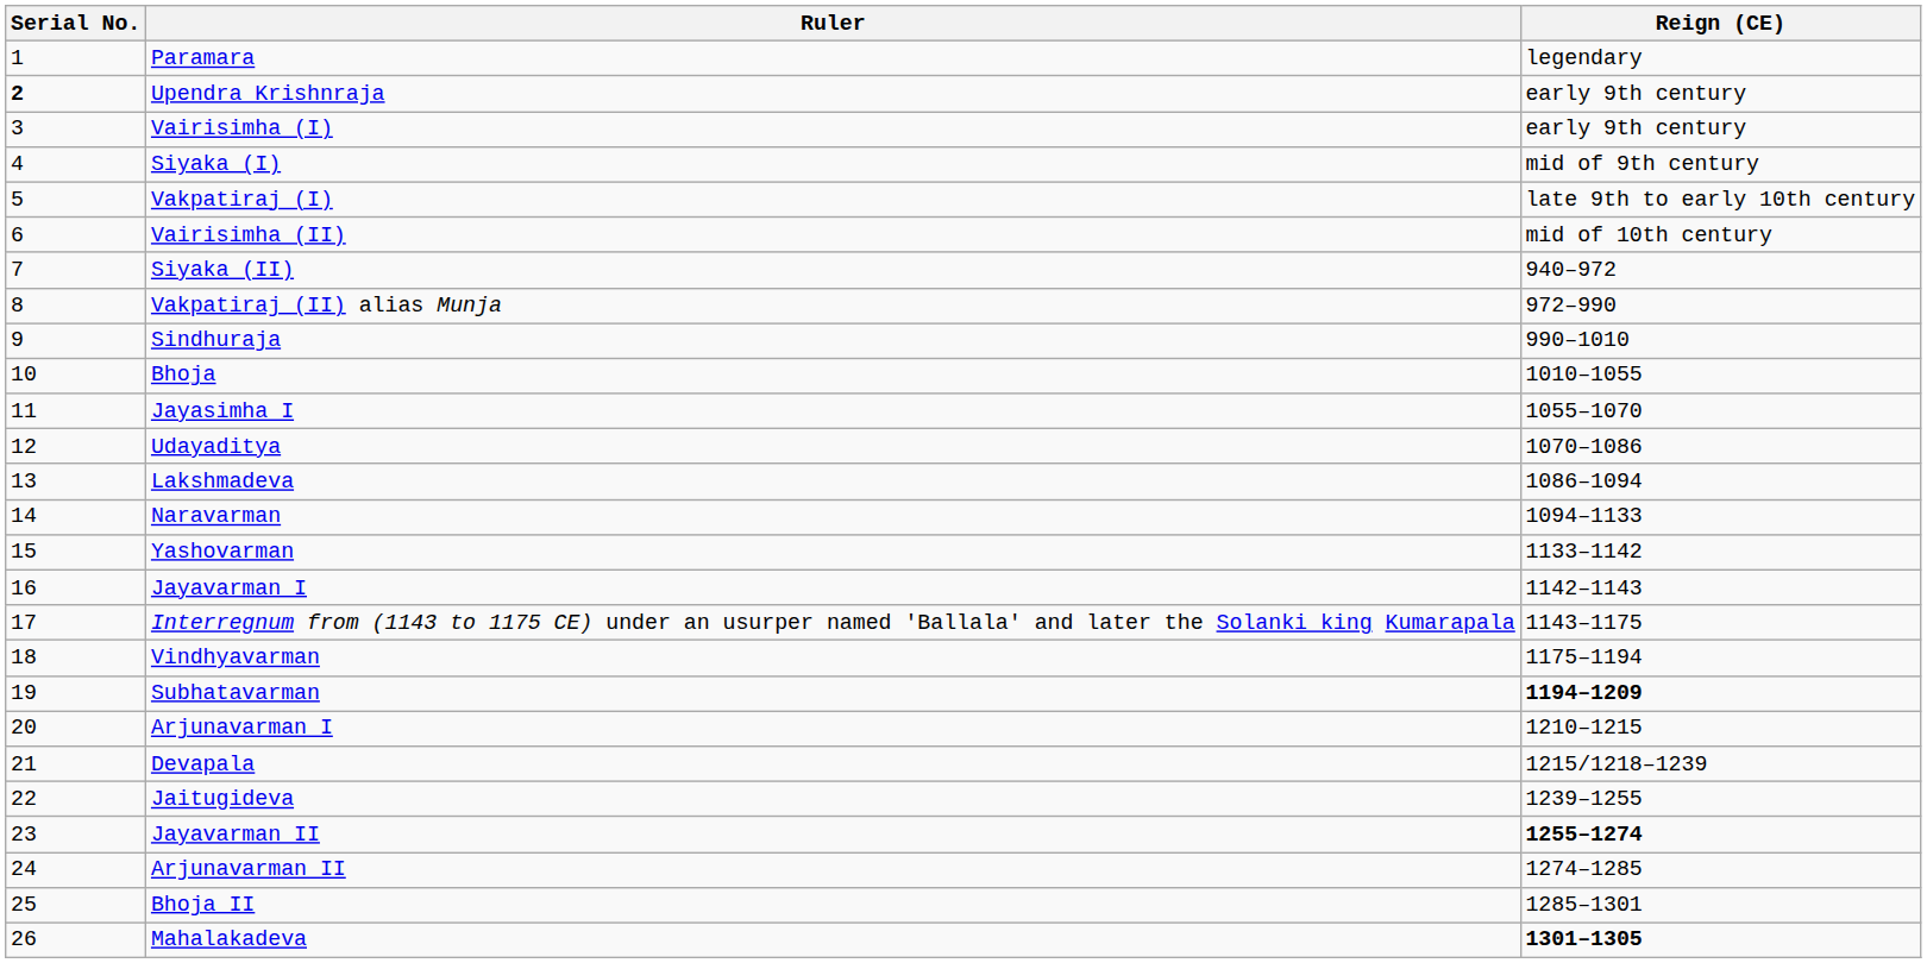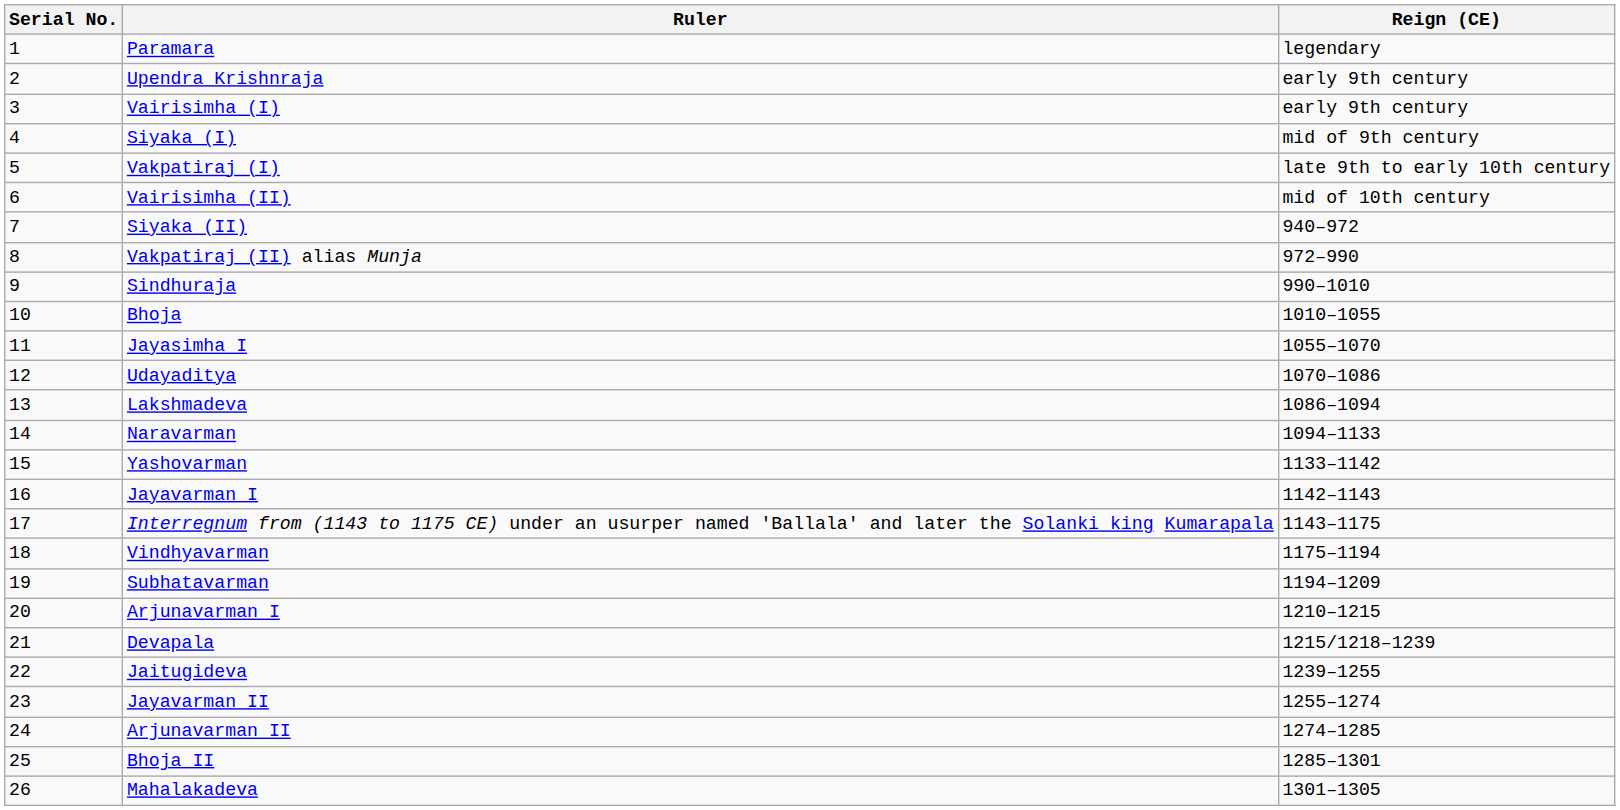 <table class="wikitable">
 <tr>
 <th>Serial No.</th>
 <th>Ruler</th>
 <th>Reign (CE)</th>
 </tr>
 <tr>
 <td>1</td>
 <td><a href='#'>Paramara</a></td>
 <td>legendary</td>
 </tr>
 <tr>
-<td><strong>2</strong></td>
+<td>2</td>
 <td><a href='#'>Upendra Krishnraja</a></td>
 <td>early 9th century</td>
 </tr>
 <tr>
 <td>3</td>
 <td><a href='#'>Vairisimha (I)</a></td>
 <td>early 9th century</td>
 </tr>
 <tr>
 <td>4</td>
 <td><a href='#'>Siyaka (I)</a></td>
 <td>mid of 9th century</td>
 </tr>
 <tr>
 <td>5</td>
 <td><a href='#'>Vakpatiraj (I)</a></td>
 <td>late 9th to early 10th century</td>
 </tr>
 <tr>
 <td>6</td>
 <td><a href='#'>Vairisimha (II)</a></td>
 <td>mid of 10th century</td>
 </tr>
 <tr>
 <td>7</td>
 <td><a href='#'>Siyaka (II)</a></td>
 <td>940–972</td>
 </tr>
 <tr>
 <td>8</td>
 <td><a href='#'>Vakpatiraj (II)</a> alias <em>Munja</em></td>
 <td>972–990</td>
 </tr>
 <tr>
 <td>9</td>
 <td><a href='#'>Sindhuraja</a></td>
 <td>990–1010</td>
 </tr>
 <tr>
 <td>10</td>
 <td><a href='#'>Bhoja</a></td>
 <td>1010–1055</td>
 </tr>
 <tr>
 <td>11</td>
 <td><a href='#'>Jayasimha I</a></td>
 <td>1055–1070</td>
 </tr>
 <tr>
 <td>12</td>
 <td><a href='#'>Udayaditya</a></td>
 <td>1070–1086</td>
 </tr>
 <tr>
 <td>13</td>
 <td><a href='#'>Lakshmadeva</a></td>
 <td>1086–1094</td>
 </tr>
 <tr>
 <td>14</td>
 <td><a href='#'>Naravarman</a></td>
 <td>1094–1133</td>
 </tr>
 <tr>
 <td>15</td>
 <td><a href='#'>Yashovarman</a></td>
 <td>1133–1142</td>
 </tr>
 <tr>
 <td>16</td>
 <td><a href='#'>Jayavarman I</a></td>
 <td>1142–1143</td>
 </tr>
 <tr>
 <td>17</td>
 <td><em><a href='#'>Interregnum</a> from (1143 to 1175 CE)</em> under an usurper named 'Ballala' and later the <a href='#'>Solanki king</a> <a href='#'>Kumarapala</a></td>
 <td>1143–1175</td>
 </tr>
 <tr>
 <td>18</td>
 <td><a href='#'>Vindhyavarman</a></td>
 <td>1175–1194</td>
 </tr>
 <tr>
 <td>19</td>
 <td><a href='#'>Subhatavarman</a></td>
-<td><strong>1194–1209</strong></td>
+<td>1194–1209</td>
 </tr>
 <tr>
 <td>20</td>
 <td><a href='#'>Arjunavarman I</a></td>
 <td>1210–1215</td>
 </tr>
 <tr>
 <td>21</td>
 <td><a href='#'>Devapala</a></td>
 <td>1215/1218–1239</td>
 </tr>
 <tr>
 <td>22</td>
 <td><a href='#'>Jaitugideva</a></td>
 <td>1239–1255</td>
 </tr>
 <tr>
 <td>23</td>
 <td><a href='#'>Jayavarman II</a></td>
-<td><strong>1255–1274</strong></td>
+<td>1255–1274</td>
 </tr>
 <tr>
 <td>24</td>
 <td><a href='#'>Arjunavarman II</a></td>
 <td>1274–1285</td>
 </tr>
 <tr>
 <td>25</td>
 <td><a href='#'>Bhoja II</a></td>
 <td>1285–1301</td>
 </tr>
 <tr>
 <td>26</td>
 <td><a href='#'>Mahalakadeva</a></td>
-<td><strong>1301–1305</strong></td>
+<td>1301–1305</td>
 </tr>
 <tr>
 </tr>
 </table>
